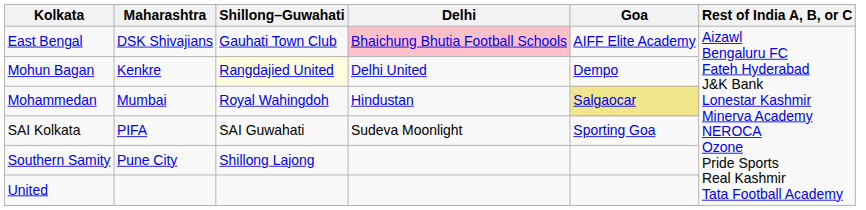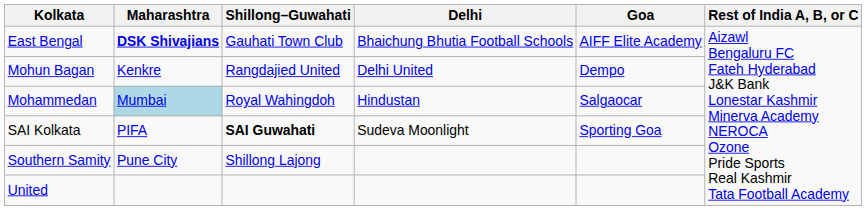 <table class="wikitable sortable" style="text-align: left;">
 <tr>
 <th>Kolkata</th>
 <th>Maharashtra</th>
 <th>Shillong–Guwahati</th>
 <th>Delhi</th>
 <th>Goa</th>
 <th>Rest of India A, B, or C</th>
 </tr>
 <tr>
 <td><a href='#'>East Bengal</a></td>
-<td><a href='#'>DSK Shivajians</a></td>
+<td><strong><a href='#'>DSK Shivajians</a></strong></td>
 <td><a href='#'>Gauhati Town Club</a></td>
-<td style="background: pink;"><a href='#'>Bhaichung Bhutia Football Schools</a></td>
+<td><a href='#'>Bhaichung Bhutia Football Schools</a></td>
 <td><a href='#'>AIFF Elite Academy</a></td>
 <td rowspan="6"><a href='#'>Aizawl</a><br><a href='#'>Bengaluru FC</a><br><a href='#'>Fateh Hyderabad</a><br>J&K Bank<br><a href='#'>Lonestar Kashmir</a><br><a href='#'>Minerva Academy</a><br><a href='#'>NEROCA</a><br><a href='#'>Ozone</a><br>Pride Sports<br>Real Kashmir<br><a href='#'>Tata Football Academy</a></td>
 </tr>
 <tr>
 <td><a href='#'>Mohun Bagan</a></td>
 <td><a href='#'>Kenkre</a></td>
-<td style="background: lightyellow;"><a href='#'>Rangdajied United</a></td>
+<td><a href='#'>Rangdajied United</a></td>
 <td><a href='#'>Delhi United</a></td>
 <td><a href='#'>Dempo</a></td>
 </tr>
 <tr>
 <td><a href='#'>Mohammedan</a></td>
-<td><a href='#'>Mumbai</a></td>
+<td style="background: lightblue;"><a href='#'>Mumbai</a></td>
 <td><a href='#'>Royal Wahingdoh</a></td>
 <td><a href='#'>Hindustan</a></td>
-<td style="background: khaki;"><a href='#'>Salgaocar</a></td>
+<td><a href='#'>Salgaocar</a></td>
 </tr>
 <tr>
 <td>SAI Kolkata</td>
 <td><a href='#'>PIFA</a></td>
-<td>SAI Guwahati</td>
+<td><strong>SAI Guwahati</strong></td>
 <td>Sudeva Moonlight</td>
 <td><a href='#'>Sporting Goa</a></td>
 </tr>
 <tr>
 <td><a href='#'>Southern Samity</a></td>
 <td><a href='#'>Pune City</a></td>
 <td><a href='#'>Shillong Lajong</a></td>
 <td></td>
 <td></td>
 </tr>
 <tr>
 <td><a href='#'>United</a></td>
 <td></td>
 <td></td>
 <td></td>
 <td></td>
 </tr>
 </table>
